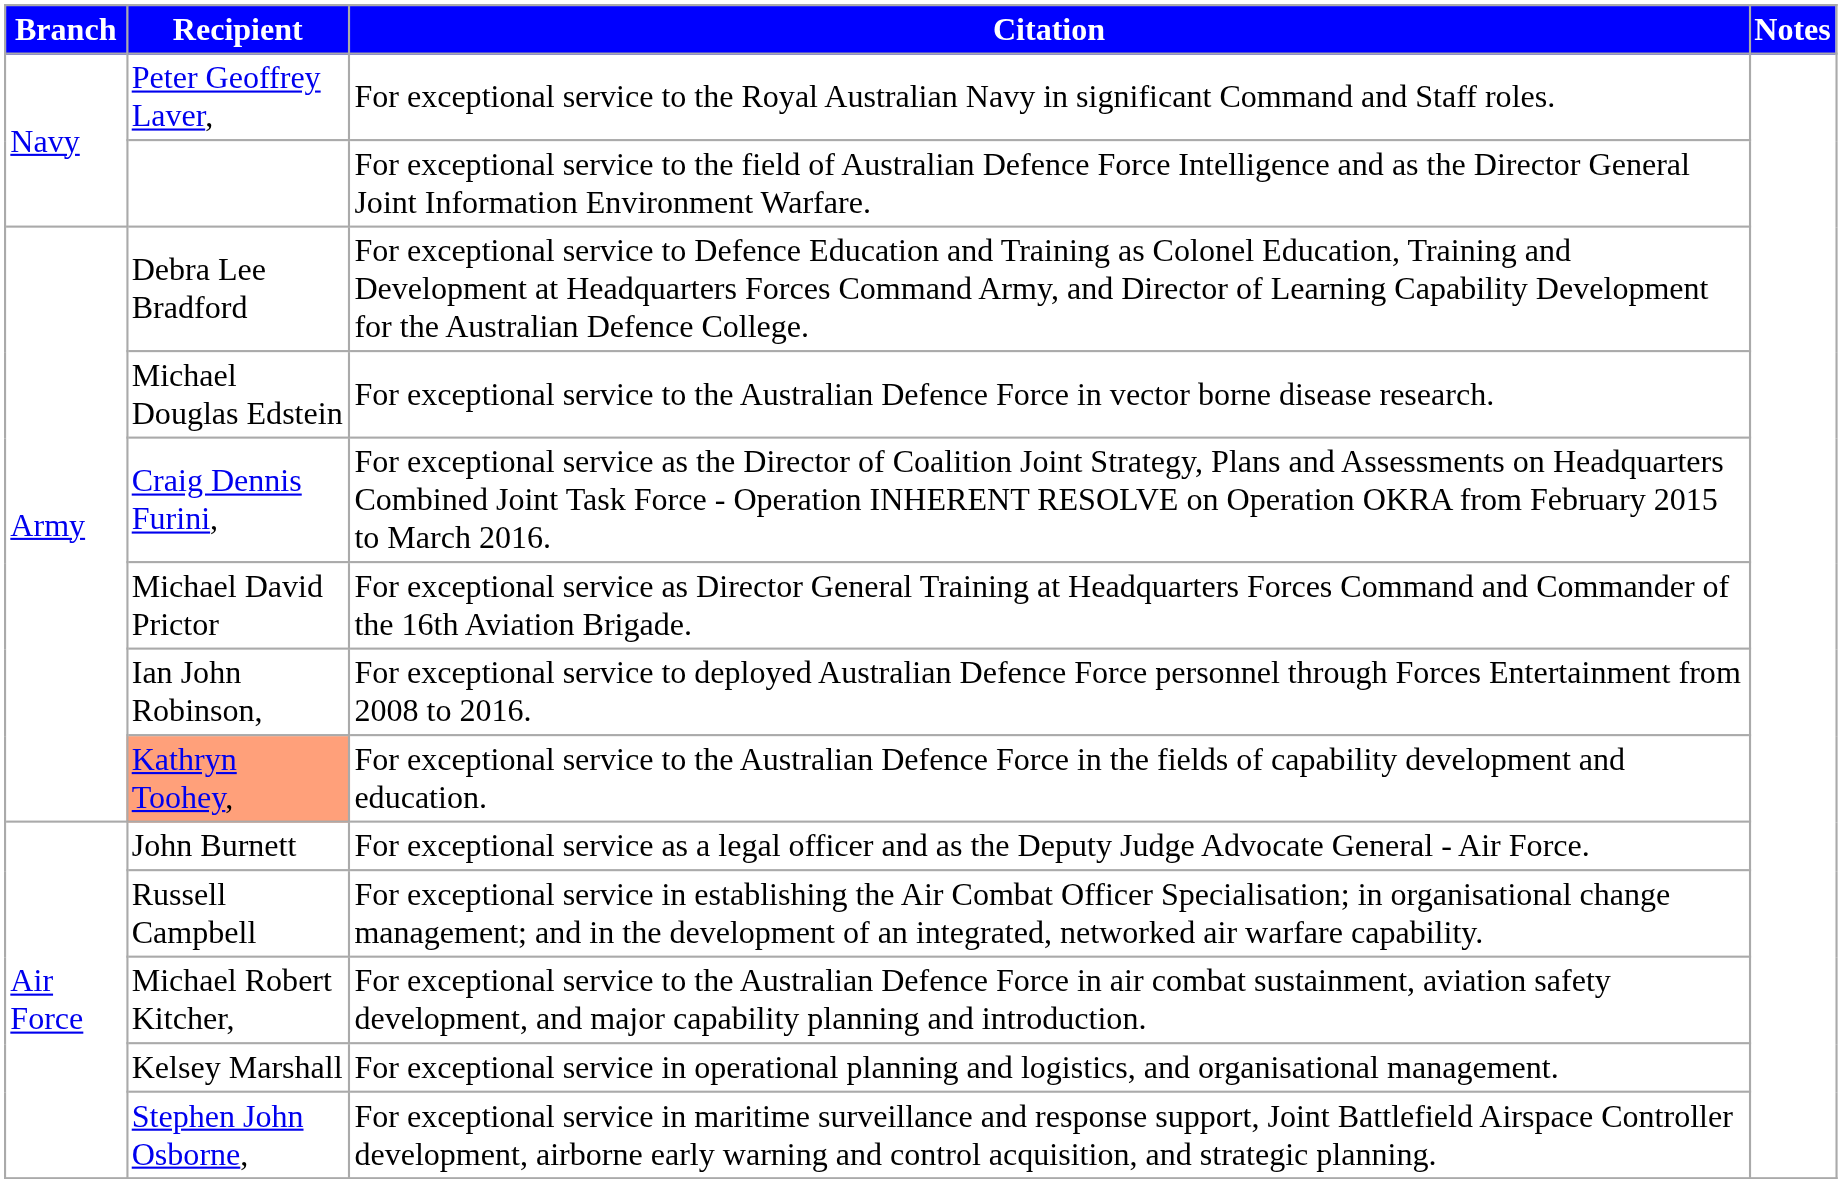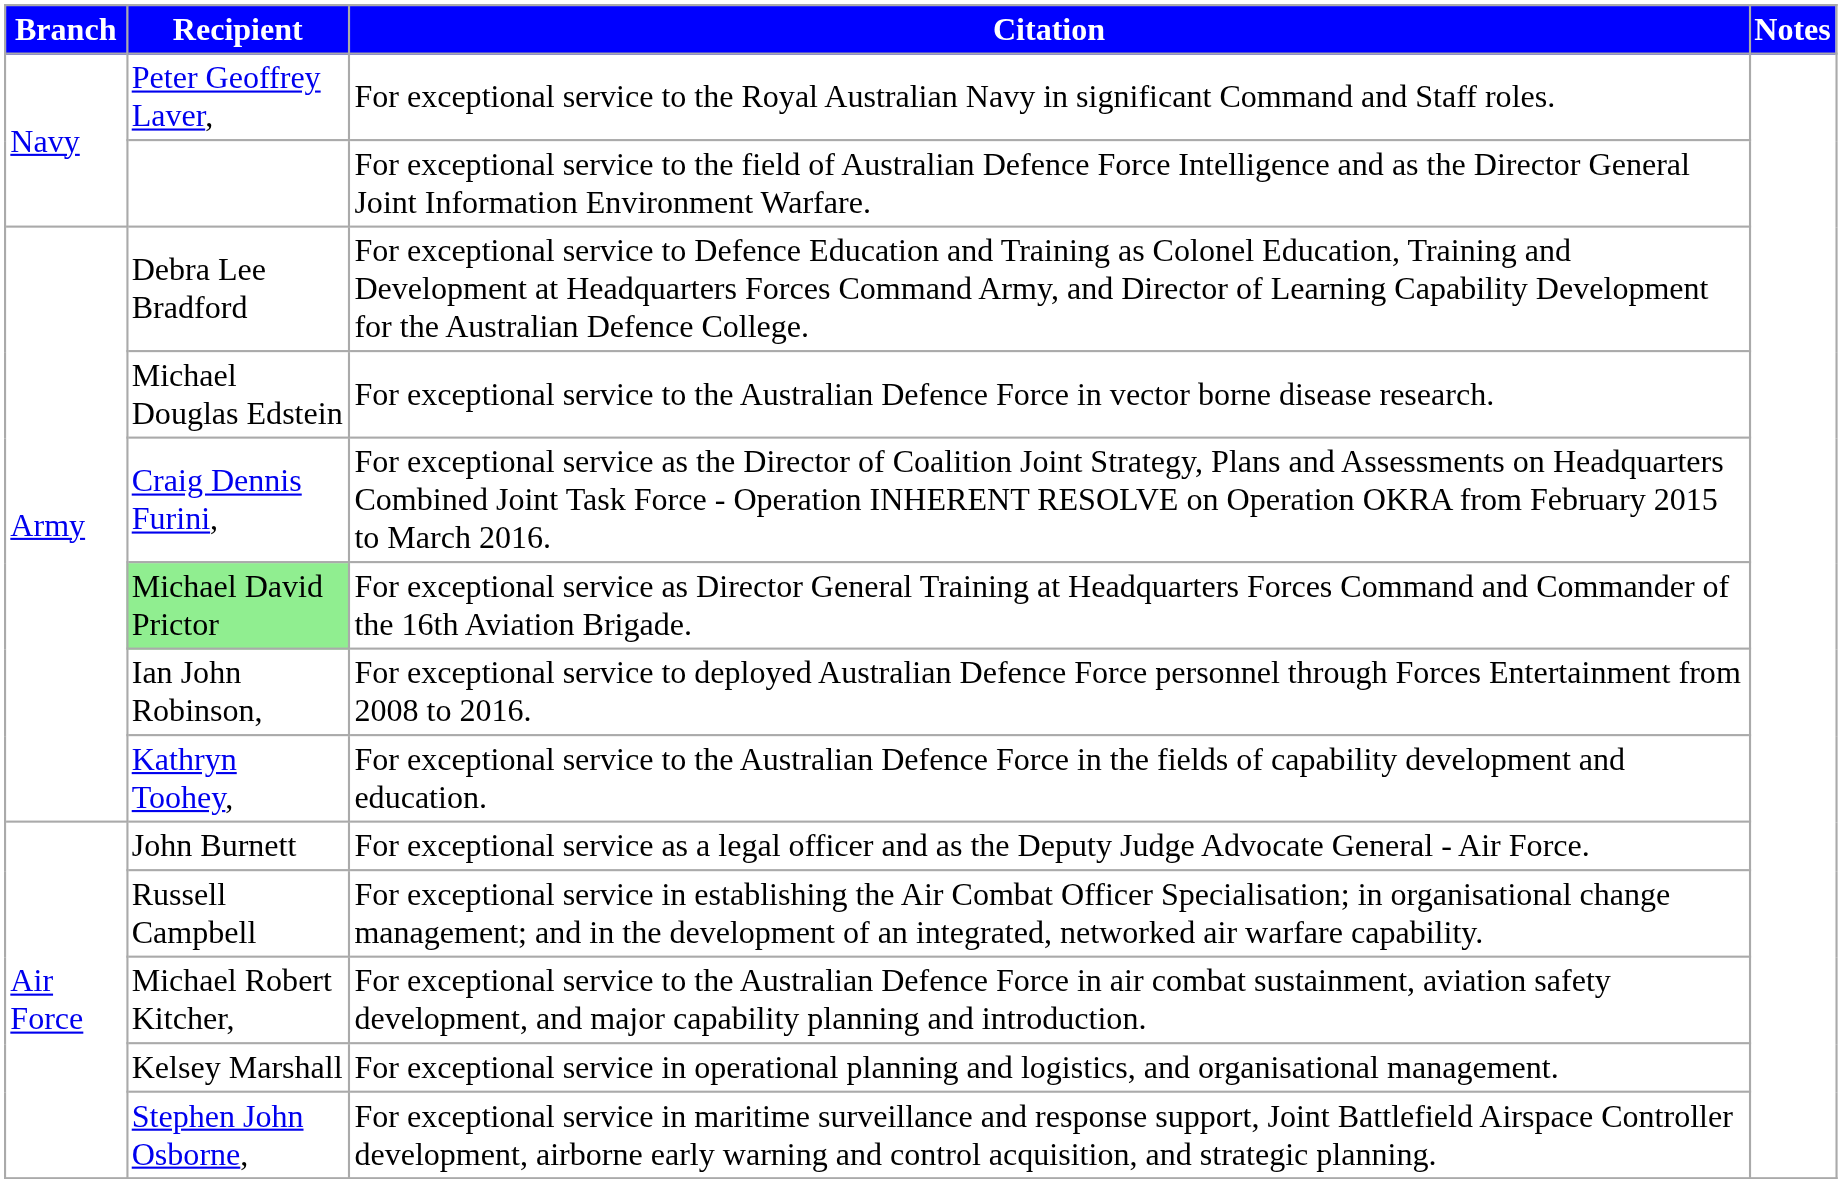 <table border="2" cellpadding="2" cellspacing="0" style="margin: 1em 1em 1em 0; border: 1px #aaa solid; font-size:95%; border-collapse: collapse;">
 <tr style="background: blue; color: white">
 <th>Branch</th>
 <th>Recipient</th>
 <th>Citation</th>
 <th>Notes</th>
 </tr>
 <tr>
 <td rowspan=2><a href='#'>Navy</a></td>
 <td>  <a href='#'>Peter Geoffrey Laver</a>, </td>
 <td>For exceptional service to the Royal Australian Navy in significant Command and Staff roles.</td>
 <td rowspan=13></td>
 </tr>
 <tr>
 <td></td>
 <td>For exceptional service to the field of Australian Defence Force Intelligence and as the Director General Joint Information Environment Warfare.</td>
 </tr>
 <tr>
 <td rowspan=6><a href='#'>Army</a></td>
 <td> Debra Lee Bradford</td>
 <td>For exceptional service to Defence Education and Training as Colonel Education, Training and Development at Headquarters Forces Command Army, and Director of Learning Capability Development for the Australian Defence College.</td>
 </tr>
 <tr>
 <td> Michael Douglas Edstein</td>
 <td>For exceptional service to the Australian Defence Force in vector borne disease research.</td>
 </tr>
 <tr>
 <td> <a href='#'>Craig Dennis Furini</a>, </td>
 <td>For exceptional service as the Director of Coalition Joint Strategy, Plans and Assessments on Headquarters Combined Joint Task Force - Operation INHERENT RESOLVE on Operation OKRA from February 2015 to March 2016.</td>
 </tr>
 <tr>
-<td> Michael David Prictor</td>
+<td style="background: lightgreen;"> Michael David Prictor</td>
 <td>For exceptional service as Director General Training at Headquarters Forces Command and Commander of the 16th Aviation Brigade.</td>
 </tr>
 <tr>
 <td> Ian John Robinson, </td>
 <td>For exceptional service to deployed Australian Defence Force personnel through Forces Entertainment from 2008 to 2016.</td>
 </tr>
 <tr>
-<td style="background: lightsalmon;"> <a href='#'>Kathryn Toohey</a>, </td>
+<td> <a href='#'>Kathryn Toohey</a>, </td>
 <td>For exceptional service to the Australian Defence Force in the fields of capability development and education.</td>
 </tr>
 <tr>
 <td rowspan=5><a href='#'>Air Force</a></td>
 <td> John Burnett</td>
 <td>For exceptional service as a legal officer and as the Deputy Judge Advocate General - Air Force.</td>
 </tr>
 <tr>
 <td>  Russell Campbell</td>
 <td>For exceptional service in establishing the Air Combat Officer Specialisation; in organisational change management; and in the development of an integrated, networked air warfare capability.</td>
 </tr>
 <tr>
 <td> Michael Robert Kitcher, </td>
 <td>For exceptional service to the Australian Defence Force in air combat sustainment, aviation safety development, and major capability planning and introduction.</td>
 </tr>
 <tr>
 <td> Kelsey Marshall</td>
 <td>For exceptional service in operational planning and logistics, and organisational management.</td>
 </tr>
 <tr>
 <td> <a href='#'>Stephen John Osborne</a>, </td>
 <td>For exceptional service in maritime surveillance and response support, Joint Battlefield Airspace Controller development, airborne early warning and control acquisition, and strategic planning.</td>
 </tr>
 </table>
